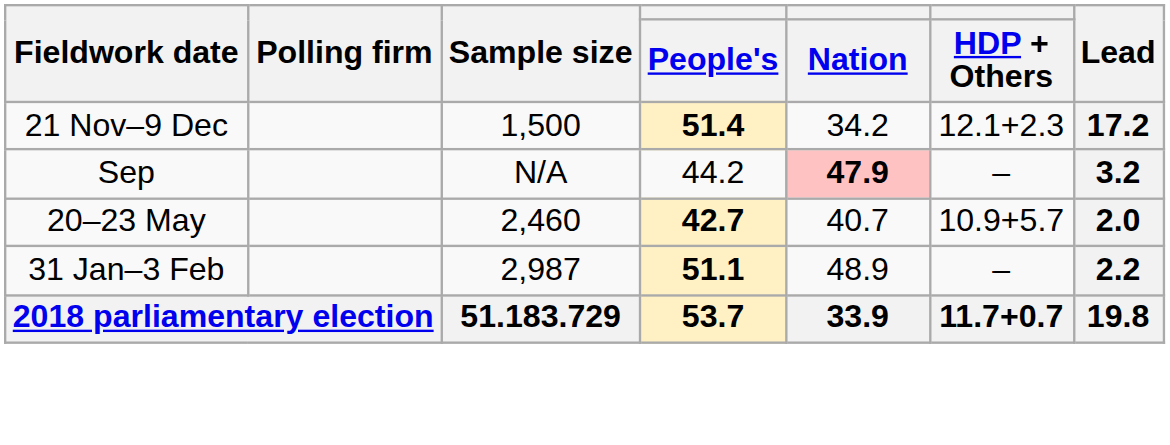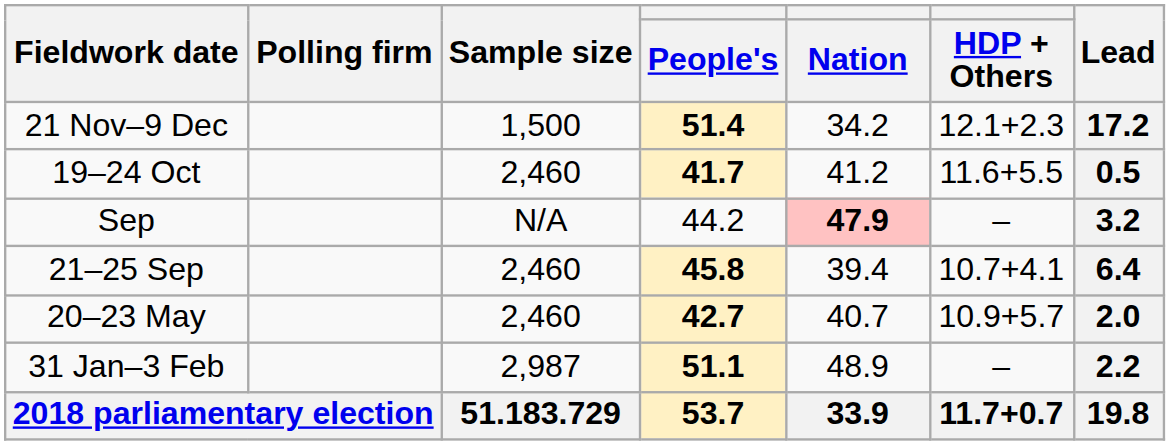 <table class="wikitable mw-datatable mw-collapsible mw-collapsed" style="text-align:center; font-size:85%; line-height:14px;">
 <tr>
 <th rowspan="2">Fieldwork date</th>
 <th rowspan="2">Polling firm</th>
 <th rowspan="2">Sample size</th>
 <th style="background:"></th>
 <th style="background:"></th>
 <th style="background:"></th>
 <th rowspan="2">Lead</th>
 </tr>
 <tr>
 <th style="width:4em;"><a href='#'>People's</a></th>
 <th style="width:4em;"><a href='#'>Nation</a></th>
 <th style="width:4em;"><a href='#'>HDP</a> + Others</th>
 </tr>
 <tr>
 <td>21 Nov–9 Dec</td>
 <td></td>
 <td>1,500</td>
 <td style="background:#FFF1C4"><strong>51.4</strong></td>
 <td>34.2</td>
 <td>12.1+2.3</td>
 <th style="background:">17.2</th>
 </tr>
 <tr>
+<td>19–24 Oct</td>
+<td></td>
+<td>2,460</td>
+<td style="background:#FFF1C4"><strong>41.7</strong></td>
+<td>41.2</td>
+<td>11.6+5.5</td>
+<th style="background:">0.5</th>
+</tr>
+<tr>
 <td>Sep</td>
 <td></td>
 <td>N/A</td>
 <td>44.2</td>
 <td style="background:#FFC2C2"><strong>47.9</strong></td>
 <td>–</td>
 <th style="background:">3.2</th>
+</tr>
+<tr>
+<td>21–25 Sep</td>
+<td></td>
+<td>2,460</td>
+<td style="background:#FFF1C4"><strong>45.8</strong></td>
+<td>39.4</td>
+<td>10.7+4.1</td>
+<th style="background:">6.4</th>
 </tr>
 <tr>
 <td>20–23 May</td>
 <td></td>
 <td>2,460</td>
 <td style="background:#FFF1C4"><strong>42.7</strong></td>
 <td>40.7</td>
 <td>10.9+5.7</td>
 <th style="background:">2.0</th>
 </tr>
 <tr>
 <td>31 Jan–3 Feb</td>
 <td></td>
 <td>2,987</td>
 <td style="background:#FFF1C4"><strong>51.1</strong></td>
 <td>48.9</td>
 <td>–</td>
 <th style="background:">2.2</th>
 </tr>
 <tr>
 <th colspan="2" data-sort-value="2018-06-24"><a href='#'>2018 parliamentary election</a></th>
 <th>51.183.729</th>
 <th style="background:#FFF1C4">53.7</th>
 <th>33.9</th>
 <th>11.7+0.7</th>
 <th style="background:">19.8</th>
 </tr>
 </table>
